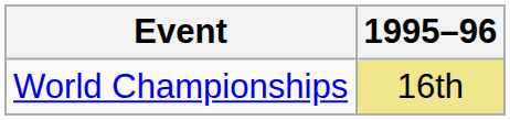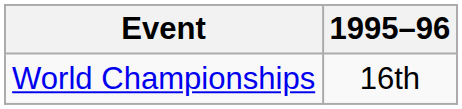 <table class="wikitable" style="text-align:center">
 <tr>
 <th>Event</th>
 <th>1995–96</th>
 </tr>
 <tr>
 <td align=left><a href='#'>World Championships</a></td>
-<td style="background: khaki;">16th</td>
+<td>16th</td>
 </tr>
 </table>
